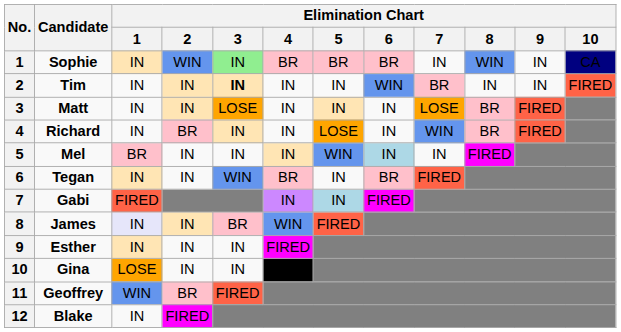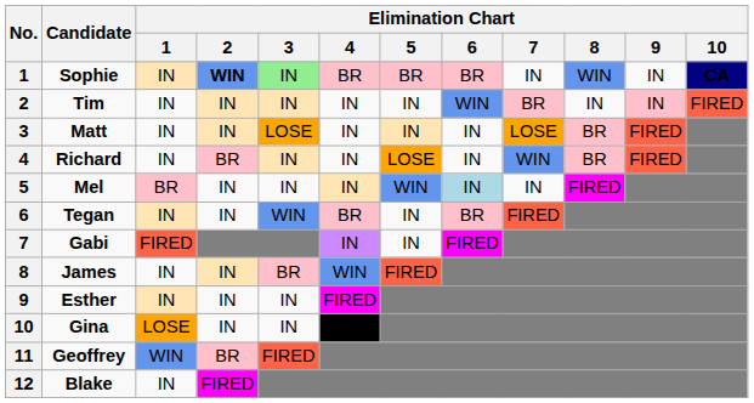 <table class="wikitable" style="text-align:center;">
 <tr>
 <th rowspan="2">No.</th>
 <th rowspan="2">Candidate</th>
 <th colspan="10">Elimination Chart</th>
 </tr>
 <tr>
 <th>1</th>
 <th>2</th>
 <th>3</th>
 <th>4</th>
 <th>5</th>
 <th>6</th>
 <th>7</th>
 <th>8</th>
 <th>9</th>
 <th>10</th>
 </tr>
 <tr>
 <th>1</th>
 <td><strong>Sophie</strong></td>
 <td bgcolor="#FFE5B4">IN</td>
-<td bgcolor="cornflowerblue">WIN</td>
+<td bgcolor="cornflowerblue"><strong>WIN</strong></td>
 <td style="background: lightgreen;">IN</td>
 <td bgcolor="pink">BR</td>
 <td bgcolor="pink">BR</td>
 <td bgcolor="pink">BR</td>
 <td>IN</td>
 <td bgcolor="cornflowerblue">WIN</td>
 <td>IN</td>
-<td bgcolor="navy"><span> CA </span></td>
+<td bgcolor="navy"><strong><span> CA </span></strong></td>
 </tr>
 <tr>
 <th>2</th>
 <td><strong>Tim</strong></td>
 <td>IN</td>
 <td bgcolor="#FFE5B4">IN</td>
-<td bgcolor="#FFE5B4"><strong>IN</strong></td>
+<td bgcolor="#FFE5B4">IN</td>
 <td>IN</td>
 <td>IN</td>
 <td bgcolor="cornflowerblue">WIN</td>
 <td bgcolor="pink">BR</td>
 <td>IN</td>
-<td>IN</td>
+<td style="background: pink;">IN</td>
 <td bgcolor="tomato">FIRED</td>
 </tr>
 <tr>
 <th>3</th>
 <td><strong>Matt</strong></td>
 <td>IN</td>
 <td bgcolor="#FFE5B4">IN</td>
 <td bgcolor="orange">LOSE</td>
 <td>IN</td>
 <td bgcolor="#FFE5B4">IN</td>
 <td>IN</td>
 <td bgcolor="orange">LOSE</td>
 <td bgcolor="pink">BR</td>
 <td bgcolor="tomato">FIRED</td>
 <td colspan="1" bgcolor="grey"></td>
 </tr>
 <tr>
 <th>4</th>
 <td><strong>Richard</strong></td>
 <td>IN</td>
 <td bgcolor="pink">BR</td>
 <td bgcolor="#FFE5B4">IN</td>
 <td>IN</td>
 <td bgcolor="orange">LOSE</td>
 <td>IN</td>
 <td bgcolor="cornflowerblue">WIN</td>
 <td bgcolor="pink">BR</td>
 <td bgcolor="tomato">FIRED</td>
 <td colspan="1" bgcolor="grey"></td>
 </tr>
 <tr>
 <th>5</th>
 <td><strong>Mel</strong></td>
 <td bgcolor="pink">BR</td>
 <td>IN</td>
 <td>IN</td>
 <td bgcolor="#FFE5B4">IN</td>
 <td bgcolor="cornflowerblue">WIN</td>
 <td style="background:lightblue;">IN</td>
 <td>IN</td>
 <td bgcolor="magenta">FIRED</td>
 <td colspan="2" bgcolor="grey"></td>
 </tr>
 <tr>
 <th>6</th>
 <td><strong>Tegan</strong></td>
 <td bgcolor="#FFE5B4">IN</td>
 <td>IN</td>
 <td bgcolor="cornflowerblue">WIN</td>
 <td bgcolor="pink">BR</td>
 <td>IN</td>
 <td bgcolor="pink">BR</td>
 <td bgcolor="tomato">FIRED</td>
 <td colspan="3" bgcolor="grey"></td>
 </tr>
 <tr>
 <th>7</th>
 <td><strong>Gabi</strong></td>
 <td bgcolor="tomato">FIRED</td>
 <td colspan="2" bgcolor="grey"></td>
 <td style="background:#cc88ff;">IN</td>
-<td style="background: lightblue;">IN</td>
+<td>IN</td>
 <td bgcolor="magenta">FIRED</td>
 <td colspan="4" bgcolor="grey"></td>
 </tr>
 <tr>
 <th>8</th>
 <td><strong>James</strong></td>
-<td style="background: lavender;">IN</td>
+<td>IN</td>
 <td bgcolor="#FFE5B4">IN</td>
 <td bgcolor="pink">BR</td>
 <td bgcolor="cornflowerblue">WIN</td>
 <td bgcolor="tomato">FIRED</td>
 <td colspan="5" bgcolor="grey"></td>
 </tr>
 <tr>
 <th>9</th>
 <td><strong>Esther</strong></td>
 <td bgcolor="#FFE5B4">IN</td>
 <td>IN</td>
 <td>IN</td>
 <td bgcolor="magenta">FIRED</td>
 <td colspan="6" bgcolor="grey"></td>
 </tr>
 <tr>
 <th>10</th>
 <td><strong>Gina</strong></td>
 <td bgcolor="orange">LOSE</td>
 <td>IN</td>
 <td>IN</td>
 <td style="background:black;"><span> QUIT </span></td>
 <td colspan="6" bgcolor="grey"></td>
 </tr>
 <tr>
 <th>11</th>
 <td><strong>Geoffrey</strong></td>
 <td bgcolor="cornflowerblue">WIN</td>
 <td bgcolor="pink">BR</td>
 <td bgcolor="tomato">FIRED</td>
 <td colspan="7" bgcolor="grey"></td>
 </tr>
 <tr>
 <th>12</th>
 <td><strong>Blake</strong></td>
 <td>IN</td>
 <td bgcolor="magenta">FIRED</td>
 <td colspan="8" bgcolor="grey"></td>
 </tr>
 </table>
